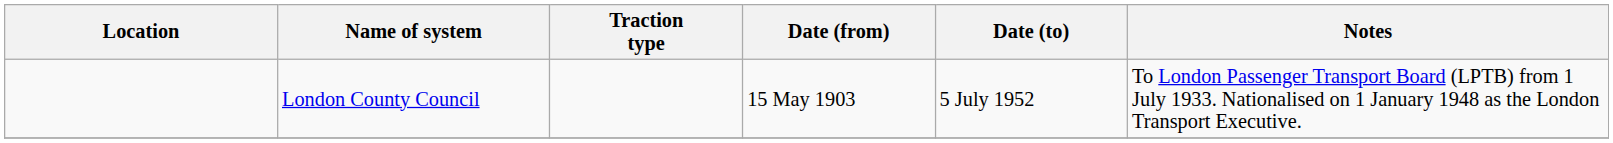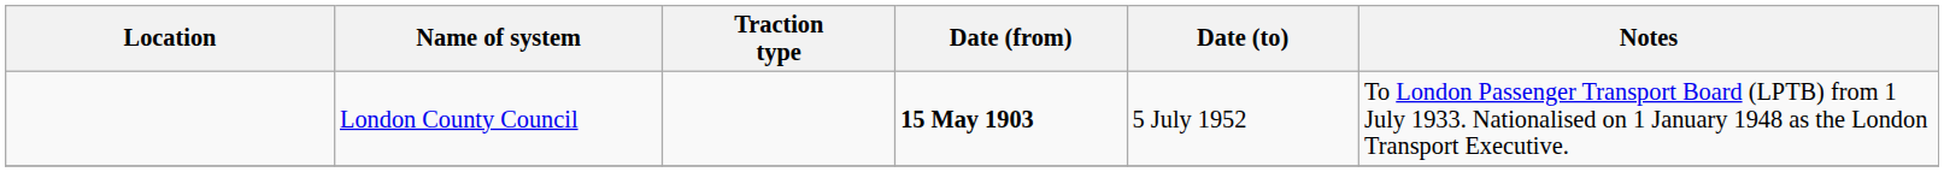 <table class="wikitable" width=100%>
 <tr>
 <th width=17%>Location</th>
 <th width=17%>Name of system</th>
 <th width=12%>Traction<br>type</th>
 <th width=12%>Date (from)</th>
 <th width=12%>Date (to)</th>
 <th width=30%>Notes</th>
 </tr>
 <tr>
 <td> </td>
 <td><a href='#'>London County Council</a></td>
 <td> </td>
-<td>15 May 1903</td>
+<td><strong>15 May 1903</strong></td>
 <td>5 July 1952</td>
 <td>To <a href='#'>London Passenger Transport Board</a> (LPTB) from 1 July 1933.   Nationalised on 1 January 1948 as the London Transport Executive.</td>
 </tr>
 <tr>
 </tr>
 </table>
